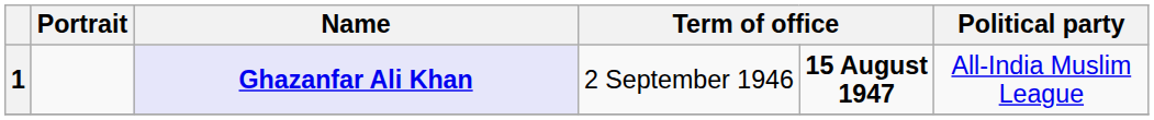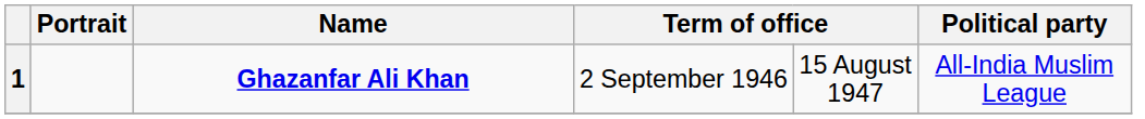 <table class="wikitable" style="text-align:center">
 <tr>
 <th></th>
 <th>Portrait</th>
 <th style="width:17em">Name</th>
 <th colspan="2">Term of office</th>
 <th style="width:8em">Political party</th>
 </tr>
 <tr>
 <th>1</th>
 <td></td>
-<td style="background: lavender;"><strong><a href='#'>Ghazanfar Ali Khan</a></strong></td>
+<td><strong><a href='#'>Ghazanfar Ali Khan</a></strong></td>
 <td>2 September 1946</td>
-<td><strong>15 August<br>1947</strong></td>
+<td>15 August<br>1947</td>
 <td><a href='#'>All-India Muslim League</a></td>
 </tr>
 <tr>
 </tr>
 </table>
